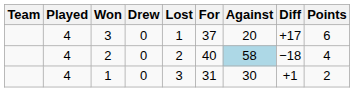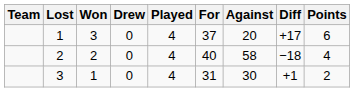 <table class="wikitable" style="text-align:center">
 <tr>
 <th>Team</th>
-<th>Played</th>
+<th>Lost</th>
 <th>Won</th>
 <th>Drew</th>
-<th>Lost</th>
+<th>Played</th>
 <th>For</th>
 <th>Against</th>
 <th>Diff</th>
 <th>Points</th>
 </tr>
 <tr>
 <td align=left></td>
-<td>4</td>
+<td>1</td>
 <td>3</td>
 <td>0</td>
-<td>1</td>
+<td>4</td>
 <td>37</td>
 <td>20</td>
 <td>+17</td>
 <td>6</td>
 </tr>
 <tr>
 <td align=left></td>
-<td>4</td>
+<td>2</td>
 <td>2</td>
 <td>0</td>
-<td>2</td>
+<td>4</td>
 <td>40</td>
-<td style="background: lightblue;">58</td>
+<td>58</td>
 <td>−18</td>
 <td>4</td>
 </tr>
 <tr>
 <td align=left></td>
-<td>4</td>
+<td>3</td>
 <td>1</td>
 <td>0</td>
-<td>3</td>
+<td>4</td>
 <td>31</td>
 <td>30</td>
 <td>+1</td>
 <td>2</td>
 </tr>
 </table>
